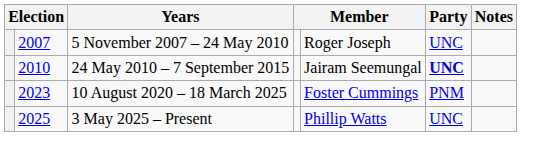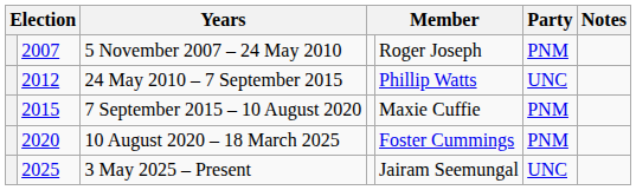 <table class="wikitable sortable" style="valign:top">
 <tr>
 <th colspan="2">Election</th>
 <th>Years</th>
 <th colspan="2">Member</th>
 <th>Party</th>
 <th>Notes</th>
 </tr>
 <tr>
 <th style="background-color: "></th>
 <td><a href='#'>2007</a></td>
 <td>5 November 2007 – 24 May 2010</td>
 <td></td>
 <td>Roger Joseph</td>
+<td><a href='#'>PNM</a></td>
+<td></td>
+</tr>
+<tr>
+<th style="background-color: "></th>
+<td><a href='#'>2012</a></td>
+<td>24 May 2010 – 7 September 2015</td>
+<td></td>
+<td><a href='#'>Phillip Watts</a></td>
 <td><a href='#'>UNC</a></td>
 <td></td>
 </tr>
 <tr>
 <th style="background-color: "></th>
-<td><a href='#'>2010</a></td>
-<td>24 May 2010 – 7 September 2015</td>
+<td><a href='#'>2015</a></td>
+<td>7 September 2015 – 10 August 2020</td>
 <td></td>
-<td>Jairam Seemungal</td>
-<td><strong><a href='#'>UNC</a></strong></td>
+<td>Maxie Cuffie</td>
+<td><a href='#'>PNM</a></td>
 <td></td>
 </tr>
 <tr>
 <th style="background-color: "></th>
-<td><a href='#'>2023</a></td>
+<td><a href='#'>2020</a></td>
 <td>10 August 2020 – 18 March 2025</td>
 <td></td>
 <td><a href='#'>Foster Cummings</a></td>
 <td><a href='#'>PNM</a></td>
 <td></td>
 </tr>
 <tr>
 <th style="background-color: "></th>
 <td><a href='#'>2025</a></td>
 <td>3 May 2025 – Present</td>
 <td></td>
-<td><a href='#'>Phillip Watts</a></td>
+<td>Jairam Seemungal</td>
 <td><a href='#'>UNC</a></td>
 <td></td>
 </tr>
 </table>
